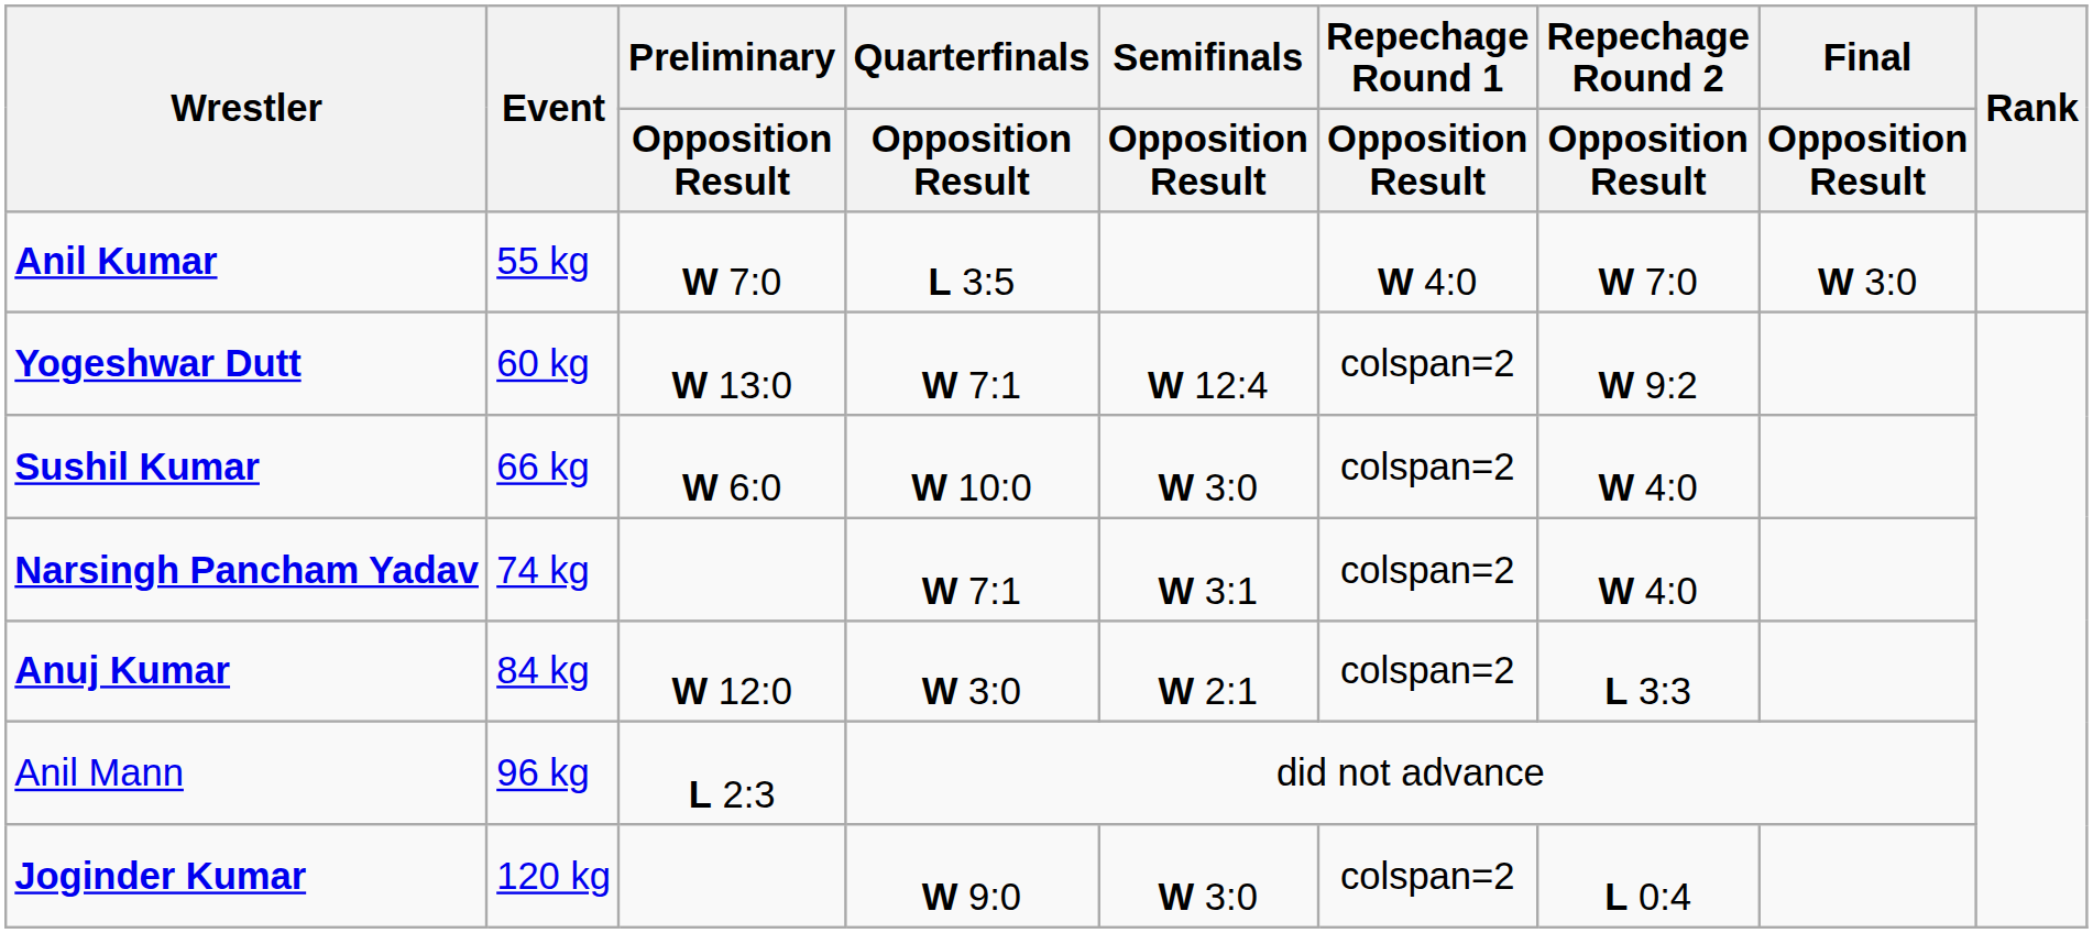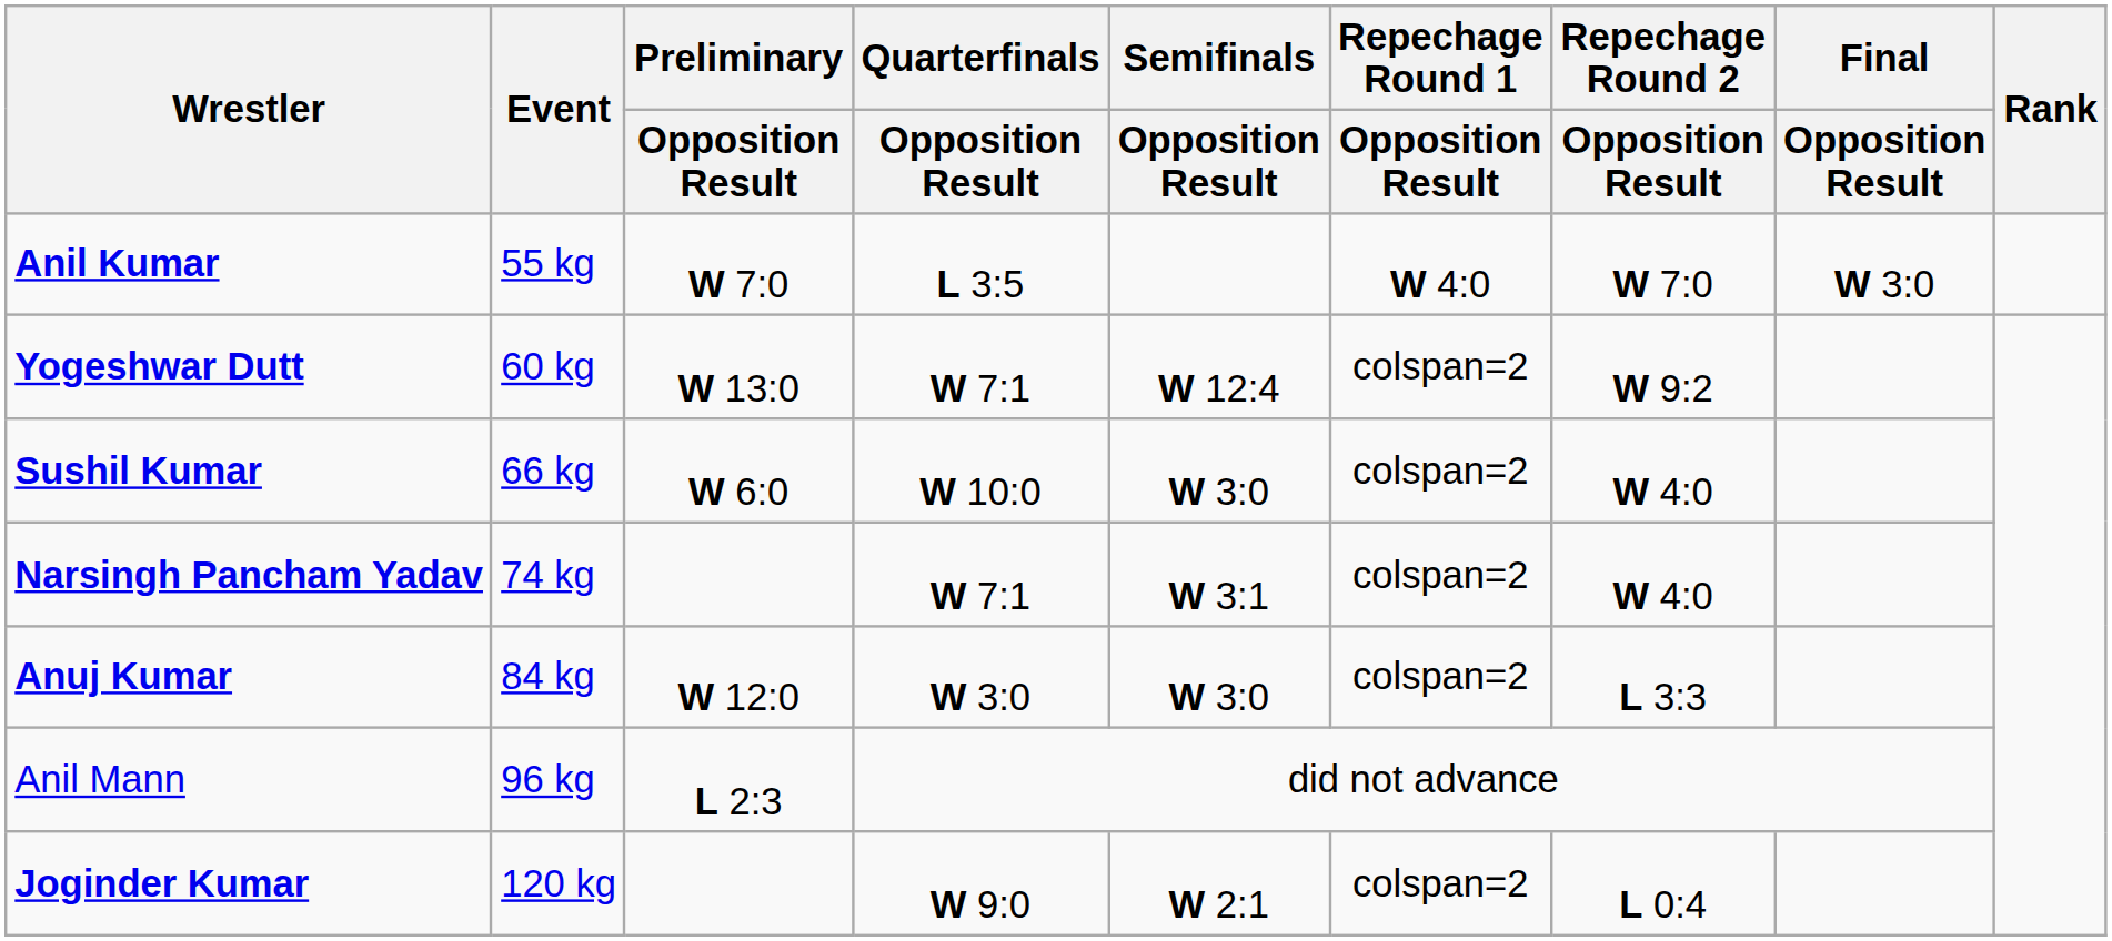 <table class="wikitable" style="font-size:90%">
 <tr>
 <th rowspan="2">Wrestler</th>
 <th rowspan="2">Event</th>
 <th>Preliminary</th>
 <th>Quarterfinals</th>
 <th>Semifinals</th>
 <th>Repechage<br> Round 1</th>
 <th>Repechage<br> Round 2</th>
 <th>Final</th>
 <th rowspan="2">Rank</th>
 </tr>
 <tr>
 <th>Opposition<br>Result</th>
 <th>Opposition<br>Result</th>
 <th>Opposition<br>Result</th>
 <th>Opposition<br>Result</th>
 <th>Opposition<br>Result</th>
 <th>Opposition<br>Result</th>
 </tr>
 <tr align=center>
 <td align=left><strong><a href='#'>Anil Kumar</a></strong></td>
 <td align=left><a href='#'>55 kg</a></td>
 <td><br><strong>W</strong> 7:0</td>
 <td><br><strong>L</strong> 3:5</td>
 <td></td>
 <td><br><strong>W</strong> 4:0</td>
 <td><br><strong>W</strong> 7:0</td>
 <td><br><strong>W</strong> 3:0</td>
 <td></td>
 </tr>
 <tr align=center>
 <td align=left><strong><a href='#'>Yogeshwar Dutt</a></strong></td>
 <td align=left><a href='#'>60 kg</a></td>
 <td><br><strong>W</strong> 13:0</td>
 <td><br><strong>W</strong> 7:1</td>
 <td><br><strong>W</strong> 12:4</td>
 <td>colspan=2 </td>
 <td><br><strong>W</strong> 9:2</td>
 <td></td>
 </tr>
 <tr align=center>
 <td align=left><strong><a href='#'>Sushil Kumar</a></strong></td>
 <td align=left><a href='#'>66 kg</a></td>
 <td><br><strong>W</strong> 6:0</td>
 <td><br><strong>W</strong> 10:0</td>
 <td><br><strong>W</strong> 3:0</td>
 <td>colspan=2 </td>
 <td><br><strong>W</strong> 4:0</td>
 <td></td>
 </tr>
 <tr align=center>
 <td align=left><strong><a href='#'>Narsingh Pancham Yadav</a></strong></td>
 <td align=left><a href='#'>74 kg</a></td>
 <td></td>
 <td><br><strong>W</strong> 7:1</td>
 <td><br><strong>W</strong> 3:1</td>
 <td>colspan=2 </td>
 <td><br><strong>W</strong> 4:0</td>
 <td></td>
 </tr>
 <tr align=center>
 <td align=left><strong><a href='#'>Anuj Kumar</a></strong></td>
 <td align=left><a href='#'>84 kg</a></td>
 <td><br><strong>W</strong> 12:0</td>
 <td><br><strong>W</strong> 3:0</td>
-<td><br><strong>W</strong> 2:1</td>
+<td><br><strong>W</strong> 3:0</td>
 <td>colspan=2 </td>
 <td><br><strong>L</strong> 3:3</td>
 <td></td>
 </tr>
 <tr align=center>
 <td align=left><a href='#'>Anil Mann</a></td>
 <td align=left><a href='#'>96 kg</a></td>
 <td><br><strong>L</strong> 2:3</td>
 <td colspan=5>did not advance</td>
 </tr>
 <tr align=center>
 <td align=left><strong><a href='#'>Joginder Kumar</a></strong></td>
 <td align=left><a href='#'>120 kg</a></td>
 <td></td>
 <td><br><strong>W</strong> 9:0</td>
-<td><br><strong>W</strong> 3:0</td>
+<td><br><strong>W</strong> 2:1</td>
 <td>colspan=2 </td>
 <td><br><strong>L</strong> 0:4</td>
 <td></td>
 </tr>
 </table>
